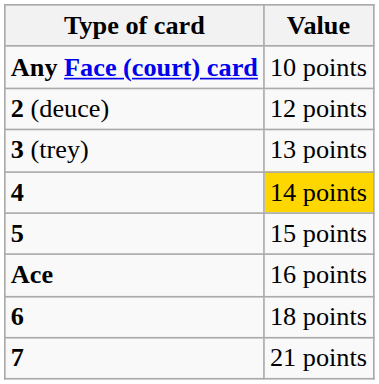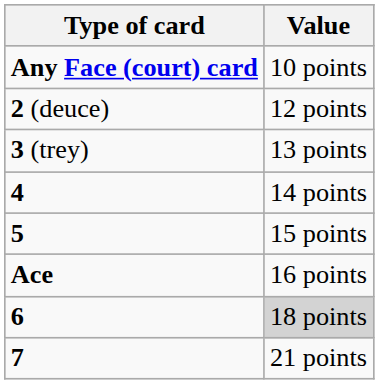 <table class="wikitable sortable">
 <tr ---->
 <th>Type of card</th>
 <th>Value</th>
 </tr>
 <tr ---->
 <td><strong>Any <a href='#'>Face (court) card</a></strong></td>
 <td align="left">10 points</td>
 </tr>
 <tr ---->
 <td><strong>2 </strong> (deuce)</td>
 <td align="left">12 points</td>
 </tr>
 <tr ---->
 <td><strong>3 </strong> (trey)</td>
 <td align="left">13 points</td>
 </tr>
 <tr ---->
 <td><strong>4 </strong></td>
-<td align="left" style="background: gold;">14 points</td>
+<td align="left">14 points</td>
 </tr>
 <tr ---->
 <td><strong>5 </strong></td>
 <td align="left">15 points</td>
 </tr>
 <tr ---->
 <td><strong>Ace</strong></td>
 <td align="left">16 points</td>
 </tr>
 <tr ---->
 <td><strong>6</strong></td>
-<td align="left">18 points</td>
+<td align="left" style="background: lightgrey;">18 points</td>
 </tr>
 <tr ---->
 <td><strong>7</strong></td>
 <td align="left">21 points</td>
 </tr>
 </table>
